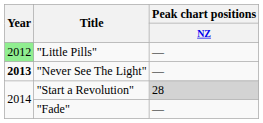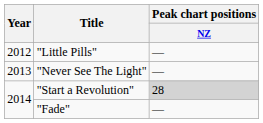 <table class="wikitable">
 <tr>
 <th rowspan="2">Year</th>
 <th rowspan="2">Title</th>
 <th>Peak chart positions</th>
 </tr>
 <tr>
 <th><small><a href='#'>NZ</a></small></th>
 </tr>
 <tr>
-<td style="background: lightgreen;">2012</td>
+<td>2012</td>
 <td>"Little Pills"</td>
 <td>—</td>
 </tr>
 <tr>
-<td><strong>2013</strong></td>
+<td>2013</td>
 <td>"Never See The Light"</td>
 <td>—</td>
 </tr>
 <tr>
 <td rowspan="2">2014</td>
 <td>"Start a Revolution"</td>
 <td style="background: lightgrey;">28</td>
 </tr>
 <tr>
 <td>"Fade"</td>
 <td>—</td>
 </tr>
 </table>
